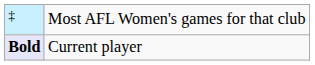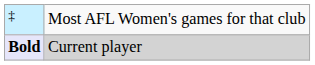 <table class=wikitable>
 <tr>
 <td bgcolor=C9F0FF><sup>‡</sup></td>
 <td>Most AFL Women's games for that club</td>
 </tr>
 <tr>
 <td bgcolor=E6E6FA><strong>Bold</strong></td>
-<td>Current player</td>
+<td style="background: lightgrey;">Current player</td>
 </tr>
 </table>
